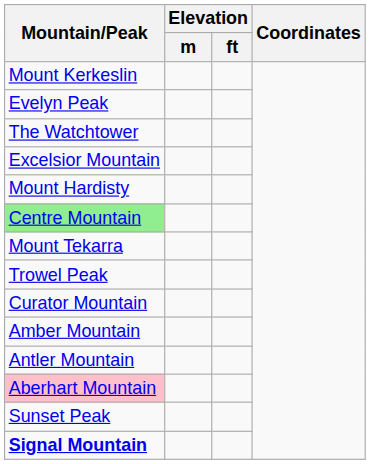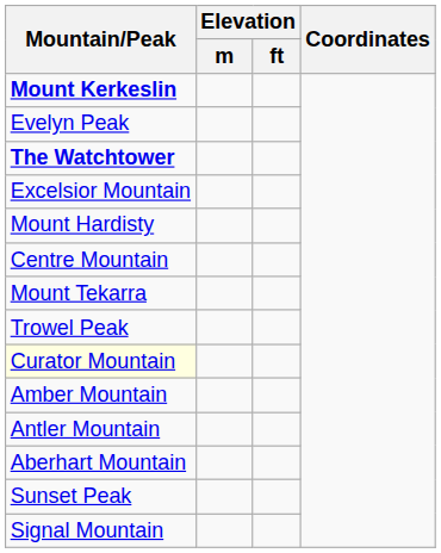 <table class="wikitable sortable">
 <tr>
 <th rowspan=2>Mountain/Peak</th>
 <th colspan=2>Elevation</th>
 <th rowspan=2>Coordinates</th>
 </tr>
 <tr>
 <th>m</th>
 <th>ft</th>
 </tr>
 <tr>
-<td><a href='#'>Mount Kerkeslin</a></td>
+<td><strong><a href='#'>Mount Kerkeslin</a></strong></td>
 <td></td>
 <td></td>
 </tr>
 <tr>
 <td><a href='#'>Evelyn Peak</a></td>
 <td></td>
 <td></td>
 </tr>
 <tr>
-<td><a href='#'>The Watchtower</a></td>
+<td><strong><a href='#'>The Watchtower</a></strong></td>
 <td></td>
 <td></td>
 </tr>
 <tr>
 <td><a href='#'>Excelsior Mountain</a></td>
 <td></td>
 <td></td>
 </tr>
 <tr>
 <td><a href='#'>Mount Hardisty</a></td>
 <td></td>
 <td></td>
 </tr>
 <tr>
-<td style="background: lightgreen;"><a href='#'>Centre Mountain</a></td>
+<td><a href='#'>Centre Mountain</a></td>
 <td></td>
 <td></td>
 </tr>
 <tr>
 <td><a href='#'>Mount Tekarra</a></td>
 <td></td>
 <td></td>
 </tr>
 <tr>
 <td><a href='#'>Trowel Peak</a></td>
 <td></td>
 <td></td>
 </tr>
 <tr>
-<td><a href='#'>Curator Mountain</a></td>
+<td style="background: lightyellow;"><a href='#'>Curator Mountain</a></td>
 <td></td>
 <td></td>
 </tr>
 <tr>
 <td><a href='#'>Amber Mountain</a></td>
 <td></td>
 <td></td>
 </tr>
 <tr>
 <td><a href='#'>Antler Mountain</a></td>
 <td></td>
 <td></td>
 </tr>
 <tr>
-<td style="background: pink;"><a href='#'>Aberhart Mountain</a></td>
+<td><a href='#'>Aberhart Mountain</a></td>
 <td></td>
 <td></td>
 </tr>
 <tr>
 <td><a href='#'>Sunset Peak</a></td>
 <td></td>
 <td></td>
 </tr>
 <tr>
-<td><strong><a href='#'>Signal Mountain</a></strong></td>
+<td><a href='#'>Signal Mountain</a></td>
 <td></td>
 <td></td>
 </tr>
 </table>
